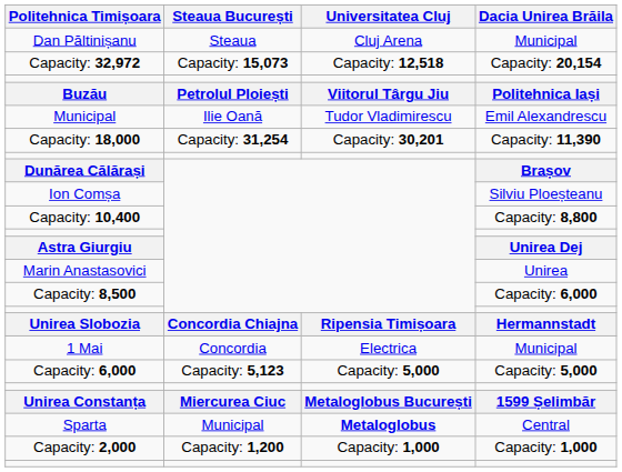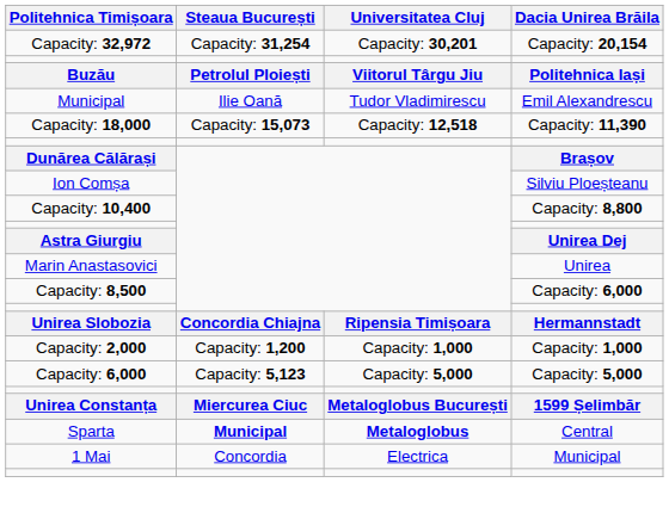 <table class="wikitable" style="text-align:center; margin:0.5em auto;">
 <tr>
 <th><a href='#'>Politehnica Timișoara</a></th>
 <th><a href='#'>Steaua București</a></th>
 <th><a href='#'>Universitatea Cluj</a></th>
 <th><a href='#'>Dacia Unirea Brăila</a></th>
 </tr>
 <tr>
-<td><a href='#'>Dan Păltinișanu</a></td>
-<td><a href='#'>Steaua</a></td>
-<td><a href='#'>Cluj Arena</a></td>
-<td><a href='#'>Municipal</a></td>
-</tr>
-<tr>
 <td>Capacity: <strong>32,972</strong></td>
-<td>Capacity: <strong>15,073</strong></td>
-<td>Capacity: <strong>12,518</strong></td>
+<td>Capacity: <strong>31,254</strong></td>
+<td>Capacity: <strong>30,201</strong></td>
 <td>Capacity: <strong>20,154</strong></td>
 </tr>
 <tr>
 <td></td>
 <td></td>
 <td></td>
 <td></td>
 </tr>
 <tr>
 <th><a href='#'>Buzău</a></th>
 <th><a href='#'>Petrolul Ploiești</a></th>
 <th><a href='#'>Viitorul Târgu Jiu</a></th>
 <th><a href='#'>Politehnica Iași</a></th>
 </tr>
 <tr>
 <td><a href='#'>Municipal</a></td>
 <td><a href='#'>Ilie Oană</a></td>
 <td><a href='#'>Tudor Vladimirescu</a></td>
 <td><a href='#'>Emil Alexandrescu</a></td>
 </tr>
 <tr>
 <td>Capacity: <strong>18,000</strong></td>
-<td>Capacity: <strong>31,254</strong></td>
-<td>Capacity: <strong>30,201</strong></td>
+<td>Capacity: <strong>15,073</strong></td>
+<td>Capacity: <strong>12,518</strong></td>
 <td>Capacity: <strong>11,390</strong></td>
 </tr>
 <tr>
 <td></td>
 <td></td>
 <td></td>
 <td></td>
 </tr>
 <tr>
 <th><a href='#'>Dunărea Călărași</a></th>
 <td colspan="2" rowspan="8"><br> </td>
 <th><a href='#'>Brașov</a></th>
 </tr>
 <tr>
 <td><a href='#'>Ion Comșa</a></td>
 <td><a href='#'>Silviu Ploeșteanu</a></td>
 </tr>
 <tr>
 <td>Capacity: <strong>10,400</strong></td>
 <td>Capacity: <strong>8,800</strong></td>
 </tr>
 <tr>
 <td></td>
 <td></td>
 </tr>
 <tr>
 <th><a href='#'>Astra Giurgiu</a></th>
 <th><a href='#'>Unirea Dej</a></th>
 </tr>
 <tr>
 <td><a href='#'>Marin Anastasovici</a></td>
 <td><a href='#'>Unirea</a></td>
 </tr>
 <tr>
 <td>Capacity: <strong>8,500</strong></td>
 <td>Capacity: <strong>6,000</strong></td>
 </tr>
 <tr>
 <td></td>
 <td></td>
 </tr>
 <tr>
 <th><a href='#'>Unirea Slobozia</a></th>
 <th><a href='#'>Concordia Chiajna</a></th>
 <th><a href='#'>Ripensia Timișoara</a></th>
 <th><a href='#'>Hermannstadt</a></th>
 </tr>
 <tr>
-<td><a href='#'>1 Mai</a></td>
-<td><a href='#'>Concordia</a></td>
-<td><a href='#'>Electrica</a></td>
-<td><a href='#'>Municipal</a></td>
+<td>Capacity: <strong>2,000</strong></td>
+<td>Capacity: <strong>1,200</strong></td>
+<td>Capacity: <strong>1,000</strong></td>
+<td>Capacity: <strong>1,000</strong></td>
 </tr>
 <tr>
 <td>Capacity: <strong>6,000</strong></td>
 <td>Capacity: <strong>5,123</strong></td>
 <td>Capacity: <strong>5,000</strong></td>
 <td>Capacity: <strong>5,000</strong></td>
 </tr>
 <tr>
 <td></td>
 <td></td>
 <td></td>
 <td></td>
 </tr>
 <tr>
 <th><a href='#'>Unirea Constanța</a></th>
 <th><a href='#'>Miercurea Ciuc</a></th>
 <th><a href='#'>Metaloglobus București</a></th>
 <th><a href='#'>1599 Șelimbăr</a></th>
 </tr>
 <tr>
 <td><a href='#'>Sparta</a></td>
-<td><a href='#'>Municipal</a></td>
+<td><strong><a href='#'>Municipal</a></strong></td>
 <td><strong><a href='#'>Metaloglobus</a></strong></td>
 <td><a href='#'>Central</a></td>
 </tr>
 <tr>
-<td>Capacity: <strong>2,000</strong></td>
-<td>Capacity: <strong>1,200</strong></td>
-<td>Capacity: <strong>1,000</strong></td>
-<td>Capacity: <strong>1,000</strong></td>
+<td><a href='#'>1 Mai</a></td>
+<td><a href='#'>Concordia</a></td>
+<td><a href='#'>Electrica</a></td>
+<td><a href='#'>Municipal</a></td>
 </tr>
 <tr>
 <td></td>
 <td></td>
 <td></td>
 <td></td>
 </tr>
 </table>
